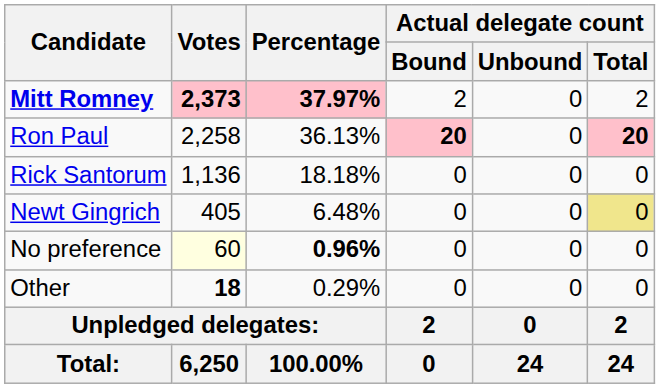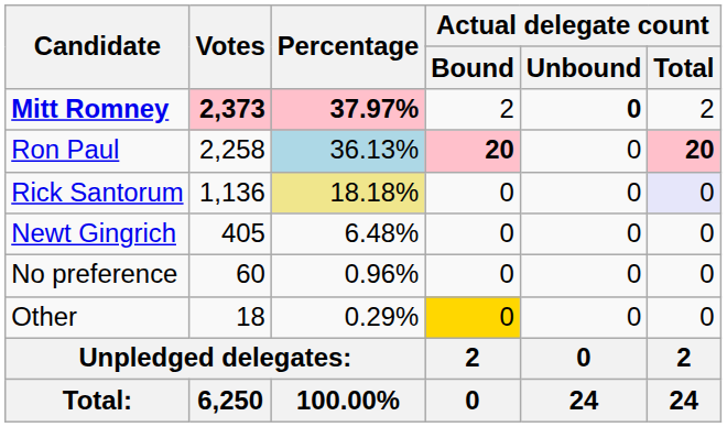 <table class="wikitable" style="text-align:right;">
 <tr>
 <th rowspan="2">Candidate</th>
 <th rowspan="2">Votes</th>
 <th rowspan="2">Percentage</th>
 <th colspan="3" style="vertical-align:middle;">Actual delegate count</th>
 </tr>
 <tr>
 <th>Bound</th>
 <th>Unbound</th>
 <th>Total</th>
 </tr>
 <tr>
 <td style="text-align:left;"> <strong><a href='#'>Mitt Romney</a></strong></td>
 <td style="background:pink;"><strong>2,373</strong></td>
 <td style="background:pink;"><strong>37.97%</strong></td>
 <td>2</td>
-<td>0</td>
+<td><strong>0</strong></td>
 <td>2</td>
 </tr>
 <tr>
 <td style="text-align:left;"><a href='#'>Ron Paul</a></td>
 <td>2,258</td>
-<td>36.13%</td>
+<td style="background: lightblue;">36.13%</td>
 <td style="background:pink;"><strong>20</strong></td>
 <td>0</td>
 <td style="background:pink;"><strong>20</strong></td>
 </tr>
 <tr>
 <td style="text-align:left;"><a href='#'>Rick Santorum</a></td>
 <td>1,136</td>
-<td>18.18%</td>
+<td style="background: khaki;">18.18%</td>
 <td>0</td>
 <td>0</td>
-<td>0</td>
+<td style="background: lavender;">0</td>
 </tr>
 <tr>
 <td style="text-align:left;"><a href='#'>Newt Gingrich</a></td>
 <td>405</td>
 <td>6.48%</td>
 <td>0</td>
 <td>0</td>
-<td style="background: khaki;">0</td>
+<td>0</td>
 </tr>
 <tr>
 <td style="text-align:left;">No preference</td>
-<td style="background: lightyellow;">60</td>
-<td><strong>0.96%</strong></td>
+<td>60</td>
+<td>0.96%</td>
 <td>0</td>
 <td>0</td>
 <td>0</td>
 </tr>
 <tr>
 <td style="text-align:left;">Other</td>
-<td><strong>18</strong></td>
+<td>18</td>
 <td>0.29%</td>
-<td>0</td>
+<td style="background: gold;">0</td>
 <td>0</td>
 <td>0</td>
 </tr>
 <tr style="background:#eee;">
 <th colspan="3">Unpledged delegates:</th>
 <th>2</th>
 <th>0</th>
 <th>2</th>
 </tr>
 <tr style="background:#eee;">
 <th>Total:</th>
 <th>6,250</th>
 <th>100.00%</th>
 <th>0</th>
 <th>24</th>
 <th>24</th>
 </tr>
 </table>
